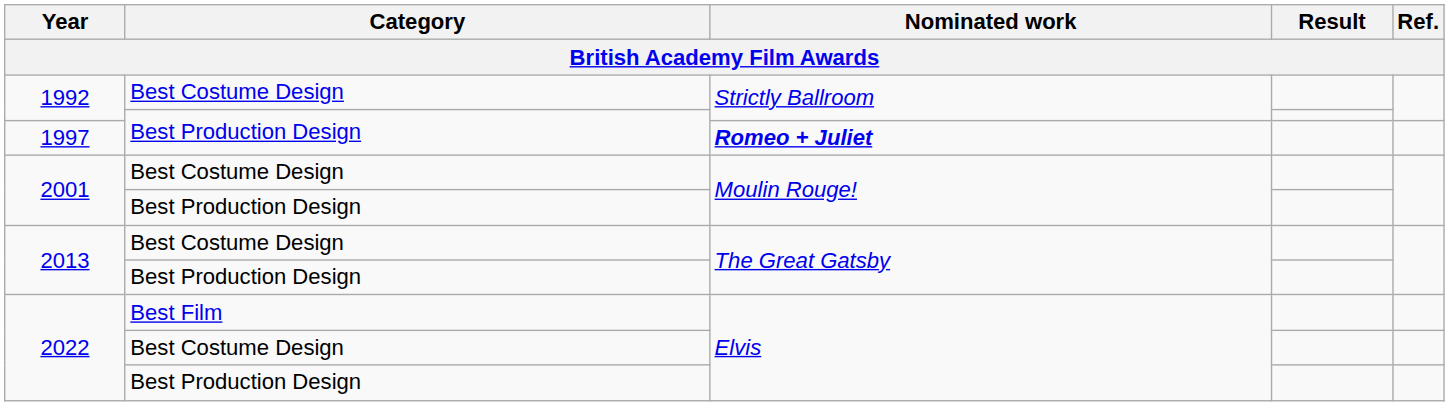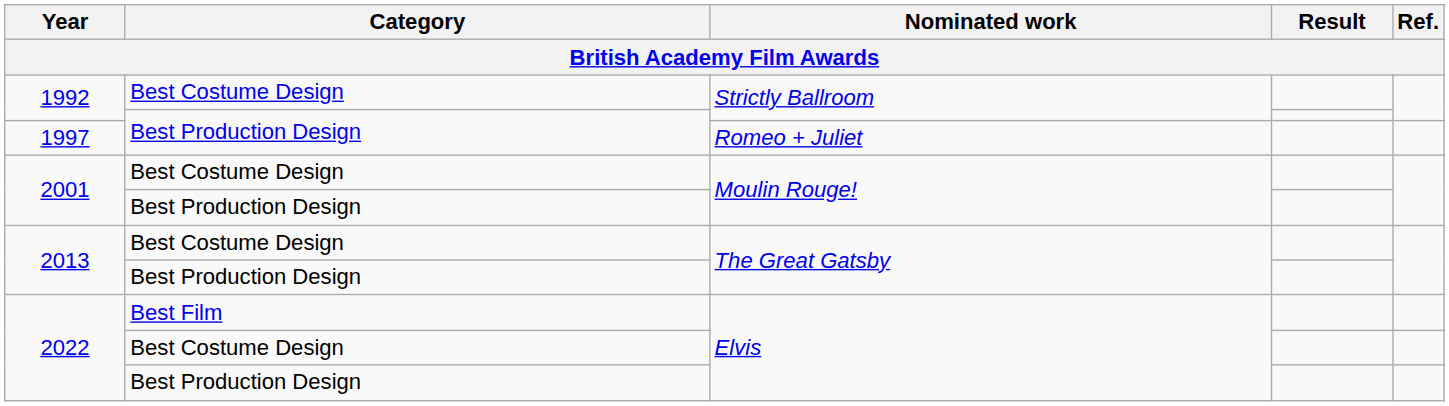 <table class=wikitable>
 <tr>
 <th scope="col" style="width:5em;">Year</th>
 <th scope="col" style="width:26em;">Category</th>
 <th scope="col" style="width:25em;">Nominated work</th>
 <th scope="col" style="width:5em;">Result</th>
 <th>Ref.</th>
 </tr>
 <tr>
 <th colspan="5"><a href='#'>British Academy Film Awards</a></th>
 </tr>
 <tr>
 <td rowspan="2" style="text-align:center;"><a href='#'>1992</a></td>
 <td><a href='#'>Best Costume Design</a></td>
 <td rowspan="2"><em><a href='#'>Strictly Ballroom</a></em></td>
 <td></td>
 <td rowspan="2" style="text-align: center;"></td>
 </tr>
 <tr>
 <td rowspan="2"><a href='#'>Best Production Design</a></td>
 <td></td>
 </tr>
 <tr>
 <td style="text-align:center;"><a href='#'>1997</a></td>
-<td><strong><em><a href='#'>Romeo + Juliet</a></em></strong></td>
+<td><em><a href='#'>Romeo + Juliet</a></em></td>
 <td></td>
 <td style="text-align: center;"></td>
 </tr>
 <tr>
 <td rowspan="2" style="text-align:center;"><a href='#'>2001</a></td>
 <td>Best Costume Design</td>
 <td rowspan="2"><em><a href='#'>Moulin Rouge!</a></em></td>
 <td></td>
 <td rowspan="2" style="text-align: center;"></td>
 </tr>
 <tr>
 <td>Best Production Design</td>
 <td></td>
 </tr>
 <tr>
 <td rowspan="2" style="text-align:center;"><a href='#'>2013</a></td>
 <td>Best Costume Design</td>
 <td rowspan="2"><em><a href='#'>The Great Gatsby</a></em></td>
 <td></td>
 <td rowspan="2" style="text-align: center;"></td>
 </tr>
 <tr>
 <td>Best Production Design</td>
 <td></td>
 </tr>
 <tr>
 <td rowspan="3" style="text-align:center;"><a href='#'>2022</a></td>
 <td><a href='#'>Best Film</a></td>
 <td rowspan="3"><em><a href='#'>Elvis</a></em></td>
 <td></td>
 <td style="text-align: center;"></td>
 </tr>
 <tr>
 <td>Best Costume Design</td>
 <td></td>
 <td style="text-align: center;"></td>
 </tr>
 <tr>
 <td>Best Production Design</td>
 <td></td>
 <td style="text-align: center;"></td>
 </tr>
 </table>
